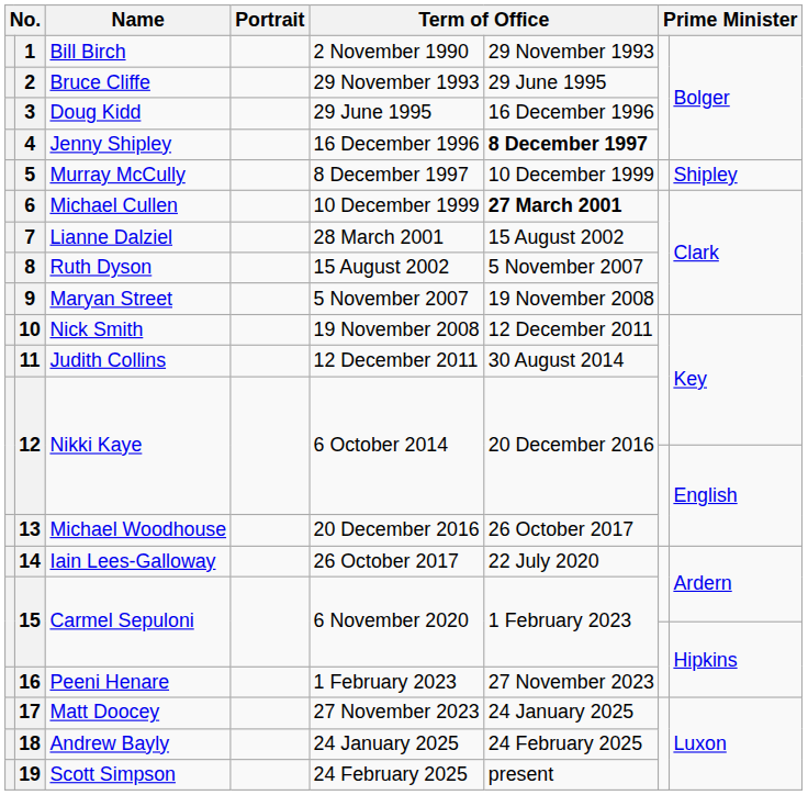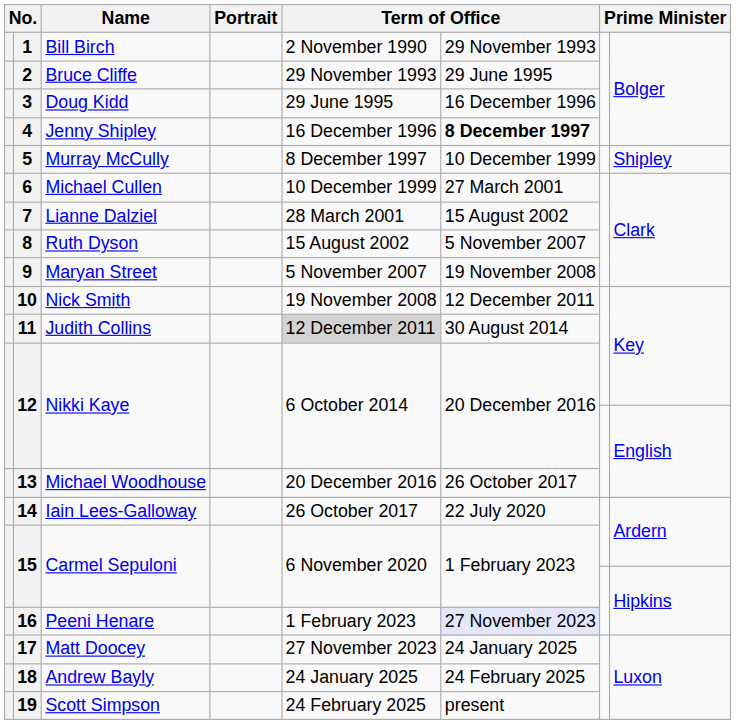 <table class="wikitable">
 <tr>
 <th colspan=2>No.</th>
 <th>Name</th>
 <th>Portrait</th>
 <th colspan=2>Term of Office</th>
 <th colspan=2>Prime Minister</th>
 </tr>
 <tr>
 <th style="background:"></th>
 <th>1</th>
 <td><a href='#'>Bill Birch</a></td>
 <td></td>
 <td>2 November 1990</td>
 <td>29 November 1993</td>
 <td rowspan=4 width=1 style="background:"></td>
 <td rowspan=4><a href='#'>Bolger</a></td>
 </tr>
 <tr>
 <th style="background:"></th>
 <th>2</th>
 <td><a href='#'>Bruce Cliffe</a></td>
 <td></td>
 <td>29 November 1993</td>
 <td>29 June 1995</td>
 </tr>
 <tr>
 <th style="background:"></th>
 <th>3</th>
 <td><a href='#'>Doug Kidd</a></td>
 <td></td>
 <td>29 June 1995</td>
 <td>16 December 1996</td>
 </tr>
 <tr>
 <th style="background:"></th>
 <th>4</th>
 <td><a href='#'>Jenny Shipley</a></td>
 <td></td>
 <td>16 December 1996</td>
 <td><strong>8 December 1997</strong></td>
 </tr>
 <tr>
 <th style="background:"></th>
 <th>5</th>
 <td><a href='#'>Murray McCully</a></td>
 <td></td>
 <td>8 December 1997</td>
 <td>10 December 1999</td>
 <td style="background:"></td>
 <td><a href='#'>Shipley</a></td>
 </tr>
 <tr>
 <th style="background:"></th>
 <th>6</th>
 <td><a href='#'>Michael Cullen</a></td>
 <td></td>
 <td>10 December 1999</td>
-<td><strong>27 March 2001</strong></td>
+<td>27 March 2001</td>
 <td rowspan=4 style="background:"></td>
 <td rowspan=4><a href='#'>Clark</a></td>
 </tr>
 <tr>
 <th style="background:"></th>
 <th>7</th>
 <td><a href='#'>Lianne Dalziel</a></td>
 <td></td>
 <td>28 March 2001</td>
 <td>15 August 2002</td>
 </tr>
 <tr>
 <th style="background:"></th>
 <th>8</th>
 <td><a href='#'>Ruth Dyson</a></td>
 <td></td>
 <td>15 August 2002</td>
 <td>5 November 2007</td>
 </tr>
 <tr>
 <th style="background:"></th>
 <th>9</th>
 <td><a href='#'>Maryan Street</a></td>
 <td></td>
 <td>5 November 2007</td>
 <td>19 November 2008</td>
 </tr>
 <tr>
 <th style="background:"></th>
 <th>10</th>
 <td><a href='#'>Nick Smith</a></td>
 <td></td>
 <td>19 November 2008</td>
 <td>12 December 2011</td>
 <td rowspan=3 style="background:"></td>
 <td rowspan=3><a href='#'>Key</a></td>
 </tr>
 <tr>
 <th style="background:"></th>
 <th>11</th>
 <td><a href='#'>Judith Collins</a></td>
 <td></td>
-<td>12 December 2011</td>
+<td style="background: lightgrey;">12 December 2011</td>
 <td>30 August 2014</td>
 </tr>
 <tr>
 <th height=50 style="border-bottom:solid 0 grey; background:"></th>
 <th rowspan=2>12</th>
 <td rowspan=2><a href='#'>Nikki Kaye</a></td>
 <td rowspan=2></td>
 <td rowspan=2>6 October 2014</td>
 <td rowspan=2>20 December 2016</td>
 </tr>
 <tr>
 <th height=50 style="border-top:solid 0 grey; background:"></th>
 <td rowspan=2 style="background:"></td>
 <td rowspan=2><a href='#'>English</a></td>
 </tr>
 <tr>
 <th style="background:"></th>
 <th>13</th>
 <td><a href='#'>Michael Woodhouse</a></td>
 <td></td>
 <td>20 December 2016</td>
 <td>26 October 2017</td>
 </tr>
 <tr>
 <th style="background:"></th>
 <th>14</th>
 <td><a href='#'>Iain Lees-Galloway</a></td>
 <td></td>
 <td>26 October 2017</td>
 <td>22 July 2020</td>
 <td rowspan=2 style="background:"></td>
 <td rowspan=2><a href='#'>Ardern</a></td>
 </tr>
 <tr>
 <th height=30 style="border-bottom:solid 0 grey; background:"></th>
 <th rowspan=2>15</th>
 <td rowspan=2><a href='#'>Carmel Sepuloni</a></td>
 <td rowspan=2></td>
 <td rowspan=2>6 November 2020</td>
 <td rowspan=2>1 February 2023</td>
 </tr>
 <tr>
 <th height=30 style="border-top:solid 0 grey; background:"></th>
 <td rowspan=2 style="background:"></td>
 <td rowspan=2><a href='#'>Hipkins</a></td>
 </tr>
 <tr>
 <th style="background:"></th>
 <th>16</th>
 <td><a href='#'>Peeni Henare</a></td>
 <td></td>
 <td>1 February 2023</td>
-<td>27 November 2023</td>
+<td style="background: lavender;">27 November 2023</td>
 </tr>
 <tr>
 <th style="background:"></th>
 <th>17</th>
 <td><a href='#'>Matt Doocey</a></td>
 <td></td>
 <td>27 November 2023</td>
 <td>24 January 2025</td>
 <td rowspan=3 style="background:"></td>
 <td rowspan="3"><a href='#'>Luxon</a></td>
 </tr>
 <tr>
 <th style="background:"></th>
 <th>18</th>
 <td><a href='#'>Andrew Bayly</a></td>
 <td></td>
 <td>24 January 2025</td>
 <td>24 February 2025</td>
 </tr>
 <tr>
 <th style="background:"></th>
 <th>19</th>
 <td><a href='#'>Scott Simpson</a></td>
 <td></td>
 <td>24 February 2025</td>
 <td>present</td>
 </tr>
 </table>
